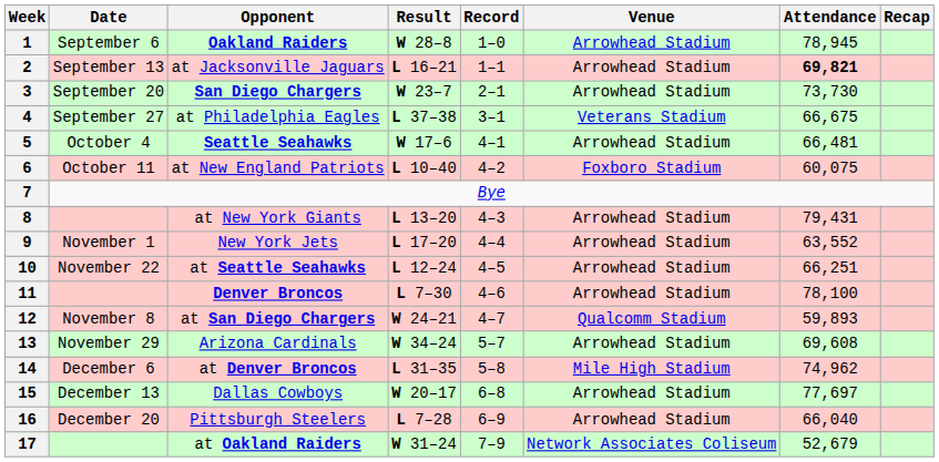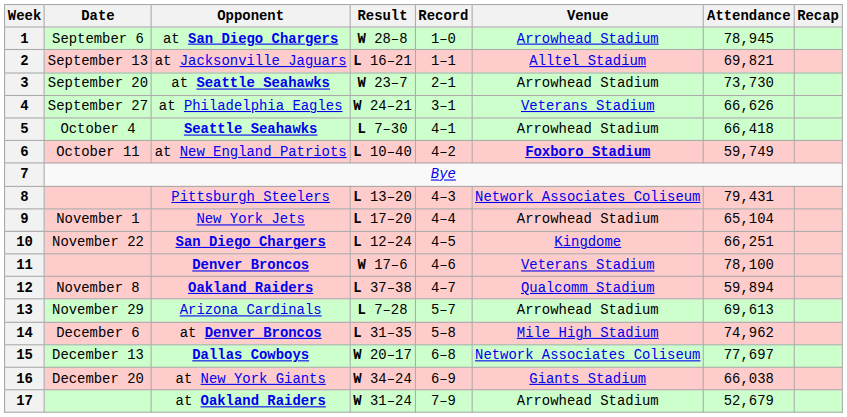 <table class="wikitable" style="text-align:center">
 <tr>
 <th>Week</th>
 <th>Date</th>
 <th>Opponent</th>
 <th>Result</th>
 <th>Record</th>
 <th>Venue</th>
 <th>Attendance</th>
 <th>Recap</th>
 </tr>
 <tr style="background:#cfc">
 <th>1</th>
 <td>September 6</td>
-<td><strong><a href='#'>Oakland Raiders</a></strong></td>
+<td>at <strong><a href='#'>San Diego Chargers</a></strong></td>
 <td><strong>W</strong> 28–8</td>
 <td>1–0</td>
 <td><a href='#'>Arrowhead Stadium</a></td>
 <td>78,945</td>
 <td></td>
 </tr>
 <tr style="background:#fcc">
 <th>2</th>
 <td>September 13</td>
 <td>at <a href='#'>Jacksonville Jaguars</a></td>
 <td><strong>L</strong> 16–21</td>
 <td>1–1</td>
-<td>Arrowhead Stadium</td>
-<td><strong>69,821</strong></td>
+<td><a href='#'>Alltel Stadium</a></td>
+<td>69,821</td>
 <td></td>
 </tr>
 <tr style="background:#cfc">
 <th>3</th>
 <td>September 20</td>
-<td><strong><a href='#'>San Diego Chargers</a></strong></td>
+<td>at <strong><a href='#'>Seattle Seahawks</a></strong></td>
 <td><strong>W</strong> 23–7</td>
 <td>2–1</td>
 <td>Arrowhead Stadium</td>
 <td>73,730</td>
 <td></td>
 </tr>
 <tr style="background:#cfc">
 <th>4</th>
 <td>September 27</td>
 <td>at <a href='#'>Philadelphia Eagles</a></td>
-<td><strong>L</strong> 37–38</td>
+<td><strong>W</strong> 24–21</td>
 <td>3–1</td>
 <td><a href='#'>Veterans Stadium</a></td>
-<td>66,675</td>
+<td>66,626</td>
 <td></td>
 </tr>
 <tr style="background:#cfc">
 <th>5</th>
 <td>October 4</td>
 <td><strong><a href='#'>Seattle Seahawks</a></strong></td>
-<td><strong>W</strong> 17–6</td>
+<td><strong>L</strong> 7–30</td>
 <td>4–1</td>
 <td>Arrowhead Stadium</td>
-<td>66,481</td>
+<td>66,418</td>
 <td></td>
 </tr>
 <tr style="background:#fcc">
 <th>6</th>
 <td>October 11</td>
 <td>at <a href='#'>New England Patriots</a></td>
 <td><strong>L</strong> 10–40</td>
 <td>4–2</td>
-<td><a href='#'>Foxboro Stadium</a></td>
-<td>60,075</td>
+<td><strong><a href='#'>Foxboro Stadium</a></strong></td>
+<td>59,749</td>
 <td></td>
 </tr>
 <tr>
 <th>7</th>
 <td colspan="7"><em><a href='#'>Bye</a></em></td>
 </tr>
 <tr style="background:#fcc">
 <th>8</th>
 <td></td>
-<td>at <a href='#'>New York Giants</a></td>
+<td><a href='#'>Pittsburgh Steelers</a></td>
 <td><strong>L</strong> 13–20</td>
 <td>4–3</td>
-<td>Arrowhead Stadium</td>
+<td><a href='#'>Network Associates Coliseum</a></td>
 <td>79,431</td>
 <td></td>
 </tr>
 <tr style="background:#fcc">
 <th>9</th>
 <td>November 1</td>
 <td><a href='#'>New York Jets</a></td>
 <td><strong>L</strong> 17–20</td>
 <td>4–4</td>
 <td>Arrowhead Stadium</td>
-<td>63,552</td>
+<td>65,104</td>
 <td></td>
 </tr>
 <tr style="background:#fcc">
 <th>10</th>
 <td>November 22</td>
-<td>at <strong><a href='#'>Seattle Seahawks</a></strong></td>
+<td><strong><a href='#'>San Diego Chargers</a></strong></td>
 <td><strong>L</strong> 12–24</td>
 <td>4–5</td>
-<td>Arrowhead Stadium</td>
+<td><a href='#'>Kingdome</a></td>
 <td>66,251</td>
 <td></td>
 </tr>
 <tr style="background:#fcc">
 <th>11</th>
 <td></td>
 <td><strong><a href='#'>Denver Broncos</a></strong></td>
-<td><strong>L</strong> 7–30</td>
+<td><strong>W</strong> 17–6</td>
 <td>4–6</td>
-<td>Arrowhead Stadium</td>
+<td><a href='#'>Veterans Stadium</a></td>
 <td>78,100</td>
 <td></td>
 </tr>
 <tr style="background:#fcc">
 <th>12</th>
 <td>November 8</td>
-<td>at <strong><a href='#'>San Diego Chargers</a></strong></td>
-<td><strong>W</strong> 24–21</td>
+<td><strong><a href='#'>Oakland Raiders</a></strong></td>
+<td><strong>L</strong> 37–38</td>
 <td>4–7</td>
 <td><a href='#'>Qualcomm Stadium</a></td>
-<td>59,893</td>
+<td>59,894</td>
 <td></td>
 </tr>
 <tr style="background:#cfc">
 <th>13</th>
 <td>November 29</td>
 <td><a href='#'>Arizona Cardinals</a></td>
-<td><strong>W</strong> 34–24</td>
+<td><strong>L</strong> 7–28</td>
 <td>5–7</td>
 <td>Arrowhead Stadium</td>
-<td>69,608</td>
+<td>69,613</td>
 <td></td>
 </tr>
 <tr style="background:#fcc">
 <th>14</th>
 <td>December 6</td>
 <td>at <strong><a href='#'>Denver Broncos</a></strong></td>
 <td><strong>L</strong> 31–35</td>
 <td>5–8</td>
 <td><a href='#'>Mile High Stadium</a></td>
 <td>74,962</td>
 <td></td>
 </tr>
 <tr style="background:#cfc">
 <th>15</th>
 <td>December 13</td>
-<td><a href='#'>Dallas Cowboys</a></td>
+<td><strong><a href='#'>Dallas Cowboys</a></strong></td>
 <td><strong>W</strong> 20–17</td>
 <td>6–8</td>
-<td>Arrowhead Stadium</td>
+<td><a href='#'>Network Associates Coliseum</a></td>
 <td>77,697</td>
 <td></td>
 </tr>
 <tr style="background:#fcc">
 <th>16</th>
 <td>December 20</td>
-<td><a href='#'>Pittsburgh Steelers</a></td>
-<td><strong>L</strong> 7–28</td>
+<td>at <a href='#'>New York Giants</a></td>
+<td><strong>W</strong> 34–24</td>
 <td>6–9</td>
-<td>Arrowhead Stadium</td>
-<td>66,040</td>
+<td><a href='#'>Giants Stadium</a></td>
+<td>66,038</td>
 <td></td>
 </tr>
 <tr style="background:#cfc">
 <th>17</th>
 <td></td>
 <td>at <strong><a href='#'>Oakland Raiders</a></strong></td>
 <td><strong>W</strong> 31–24</td>
 <td>7–9</td>
-<td><a href='#'>Network Associates Coliseum</a></td>
+<td>Arrowhead Stadium</td>
 <td>52,679</td>
 <td></td>
 </tr>
 </table>
